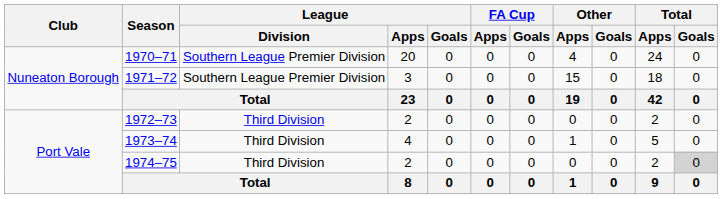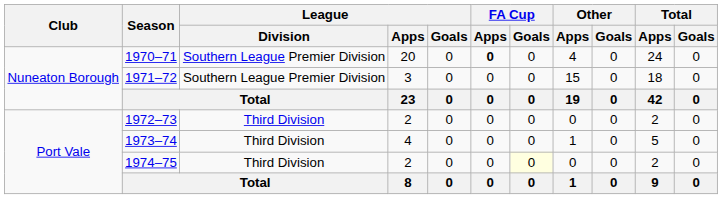 <table class="wikitable" style="text-align:center">
 <tr>
 <th rowspan="2">Club</th>
 <th rowspan="2">Season</th>
 <th colspan="3">League</th>
 <th colspan="2"><a href='#'>FA Cup</a></th>
 <th colspan="2">Other</th>
 <th colspan="2">Total</th>
 </tr>
 <tr>
 <th>Division</th>
 <th>Apps</th>
 <th>Goals</th>
 <th>Apps</th>
 <th>Goals</th>
 <th>Apps</th>
 <th>Goals</th>
 <th>Apps</th>
 <th>Goals</th>
 </tr>
 <tr>
 <td rowspan="3"><a href='#'>Nuneaton Borough</a></td>
 <td><a href='#'>1970–71</a></td>
 <td><a href='#'>Southern League</a> Premier Division</td>
 <td>20</td>
 <td>0</td>
-<td>0</td>
+<td><strong>0</strong></td>
 <td>0</td>
 <td>4</td>
 <td>0</td>
 <td>24</td>
 <td>0</td>
 </tr>
 <tr>
 <td><a href='#'>1971–72</a></td>
 <td>Southern League Premier Division</td>
 <td>3</td>
 <td>0</td>
 <td>0</td>
 <td>0</td>
 <td>15</td>
 <td>0</td>
 <td>18</td>
 <td>0</td>
 </tr>
 <tr>
 <th colspan="2">Total</th>
 <th>23</th>
 <th>0</th>
 <th>0</th>
 <th>0</th>
 <th>19</th>
 <th>0</th>
 <th>42</th>
 <th>0</th>
 </tr>
 <tr>
 <td rowspan="4"><a href='#'>Port Vale</a></td>
 <td><a href='#'>1972–73</a></td>
 <td><a href='#'>Third Division</a></td>
 <td>2</td>
 <td>0</td>
 <td>0</td>
 <td>0</td>
 <td>0</td>
 <td>0</td>
 <td>2</td>
 <td>0</td>
 </tr>
 <tr>
 <td><a href='#'>1973–74</a></td>
 <td>Third Division</td>
 <td>4</td>
 <td>0</td>
 <td>0</td>
 <td>0</td>
 <td>1</td>
 <td>0</td>
 <td>5</td>
 <td>0</td>
 </tr>
 <tr>
 <td><a href='#'>1974–75</a></td>
 <td>Third Division</td>
 <td>2</td>
 <td>0</td>
 <td>0</td>
-<td>0</td>
+<td style="background: lightyellow;">0</td>
 <td>0</td>
 <td>0</td>
 <td>2</td>
-<td style="background: lightgrey;">0</td>
+<td>0</td>
 </tr>
 <tr>
 <th colspan="2">Total</th>
 <th>8</th>
 <th>0</th>
 <th>0</th>
 <th>0</th>
 <th>1</th>
 <th>0</th>
 <th>9</th>
 <th>0</th>
 </tr>
 </table>
